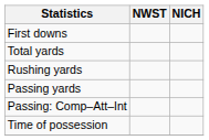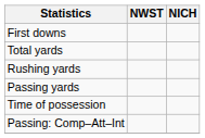 <table class="wikitable" style="float: left;">
 <tr>
 <th>Statistics</th>
 <th>NWST</th>
 <th>NICH</th>
 </tr>
 <tr>
 <td>First downs</td>
 <td></td>
 <td></td>
 </tr>
 <tr>
 <td>Total yards</td>
 <td></td>
 <td></td>
 </tr>
 <tr>
 <td>Rushing yards</td>
 <td></td>
 <td></td>
 </tr>
 <tr>
 <td>Passing yards</td>
 <td></td>
 <td></td>
 </tr>
 <tr>
-<td>Passing: Comp–Att–Int</td>
+<td>Time of possession</td>
 <td></td>
 <td></td>
 </tr>
 <tr>
-<td>Time of possession</td>
+<td>Passing: Comp–Att–Int</td>
 <td></td>
 <td></td>
 </tr>
 <tr>
 </tr>
 </table>
